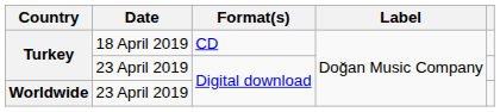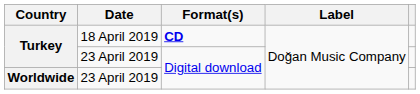 <table class="wikitable plainrowheaders">
 <tr>
 <th scope="col">Country</th>
 <th scope="col">Date</th>
 <th scope="col">Format(s)</th>
 <th scope="col">Label</th>
 <th scope="col"></th>
 </tr>
 <tr>
 <th scope="row" rowspan="2">Turkey</th>
 <td>18 April 2019</td>
-<td><a href='#'>CD</a></td>
+<td><strong><a href='#'>CD</a></strong></td>
 <td rowspan="3">Doğan Music Company</td>
 <td align="center"></td>
 </tr>
 <tr>
 <td>23 April 2019</td>
 <td rowspan="2"><a href='#'>Digital download</a></td>
 <td align="center"></td>
 </tr>
 <tr>
 <th scope="row">Worldwide</th>
 <td>23 April 2019</td>
 <td align="center"></td>
 </tr>
 </table>
